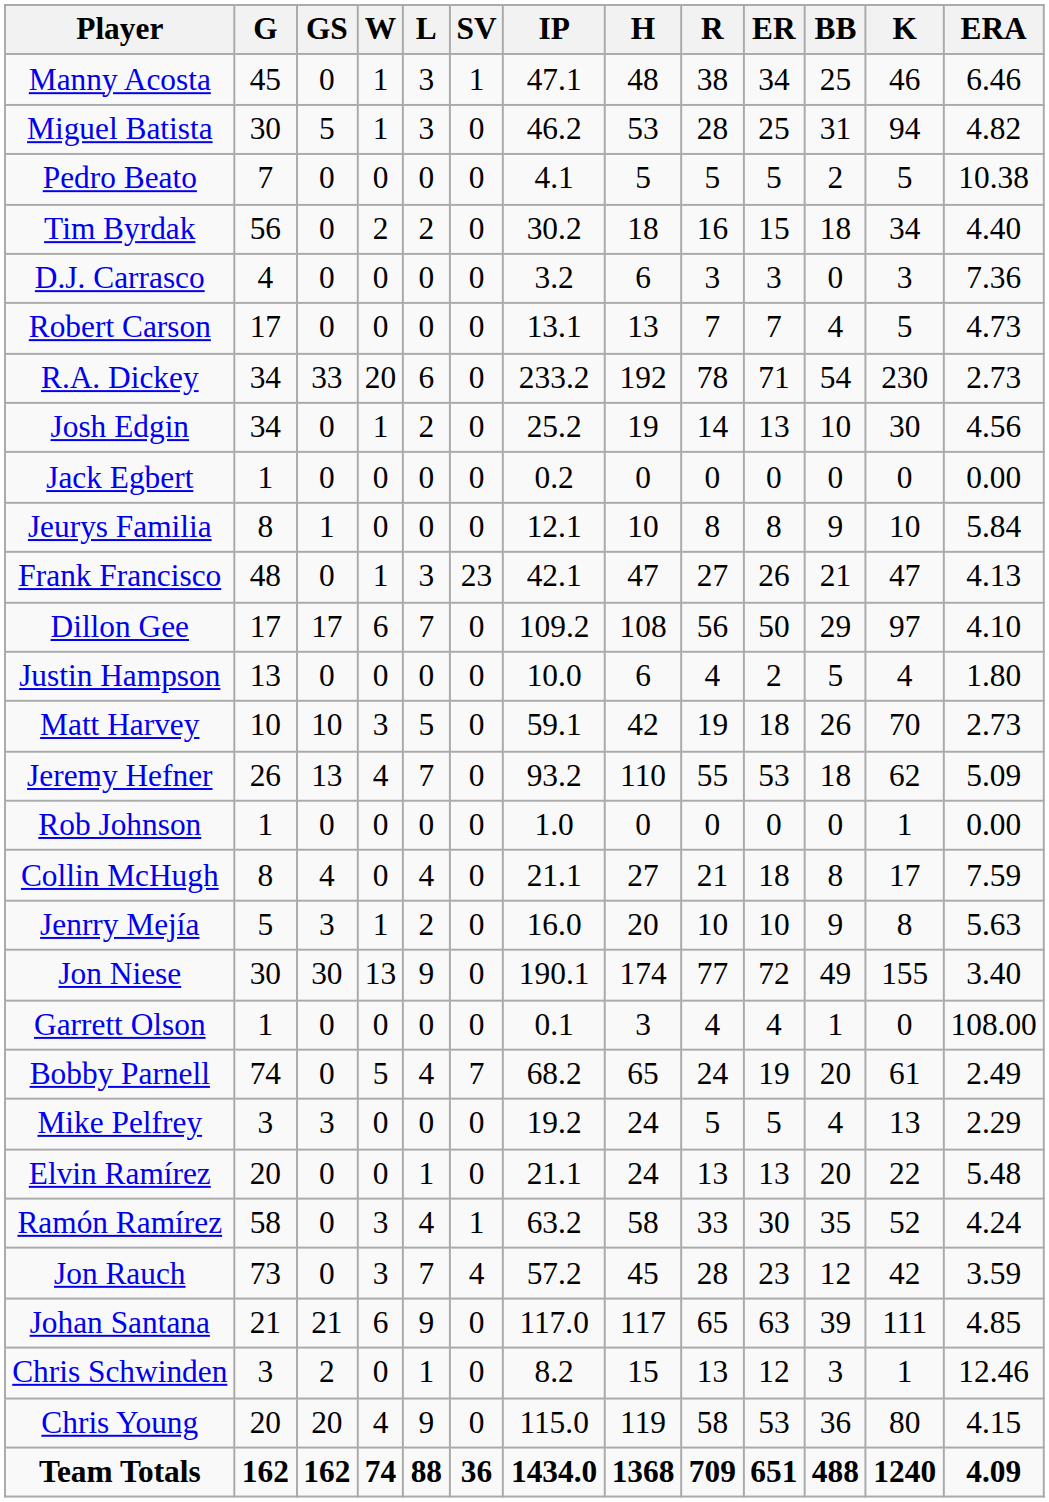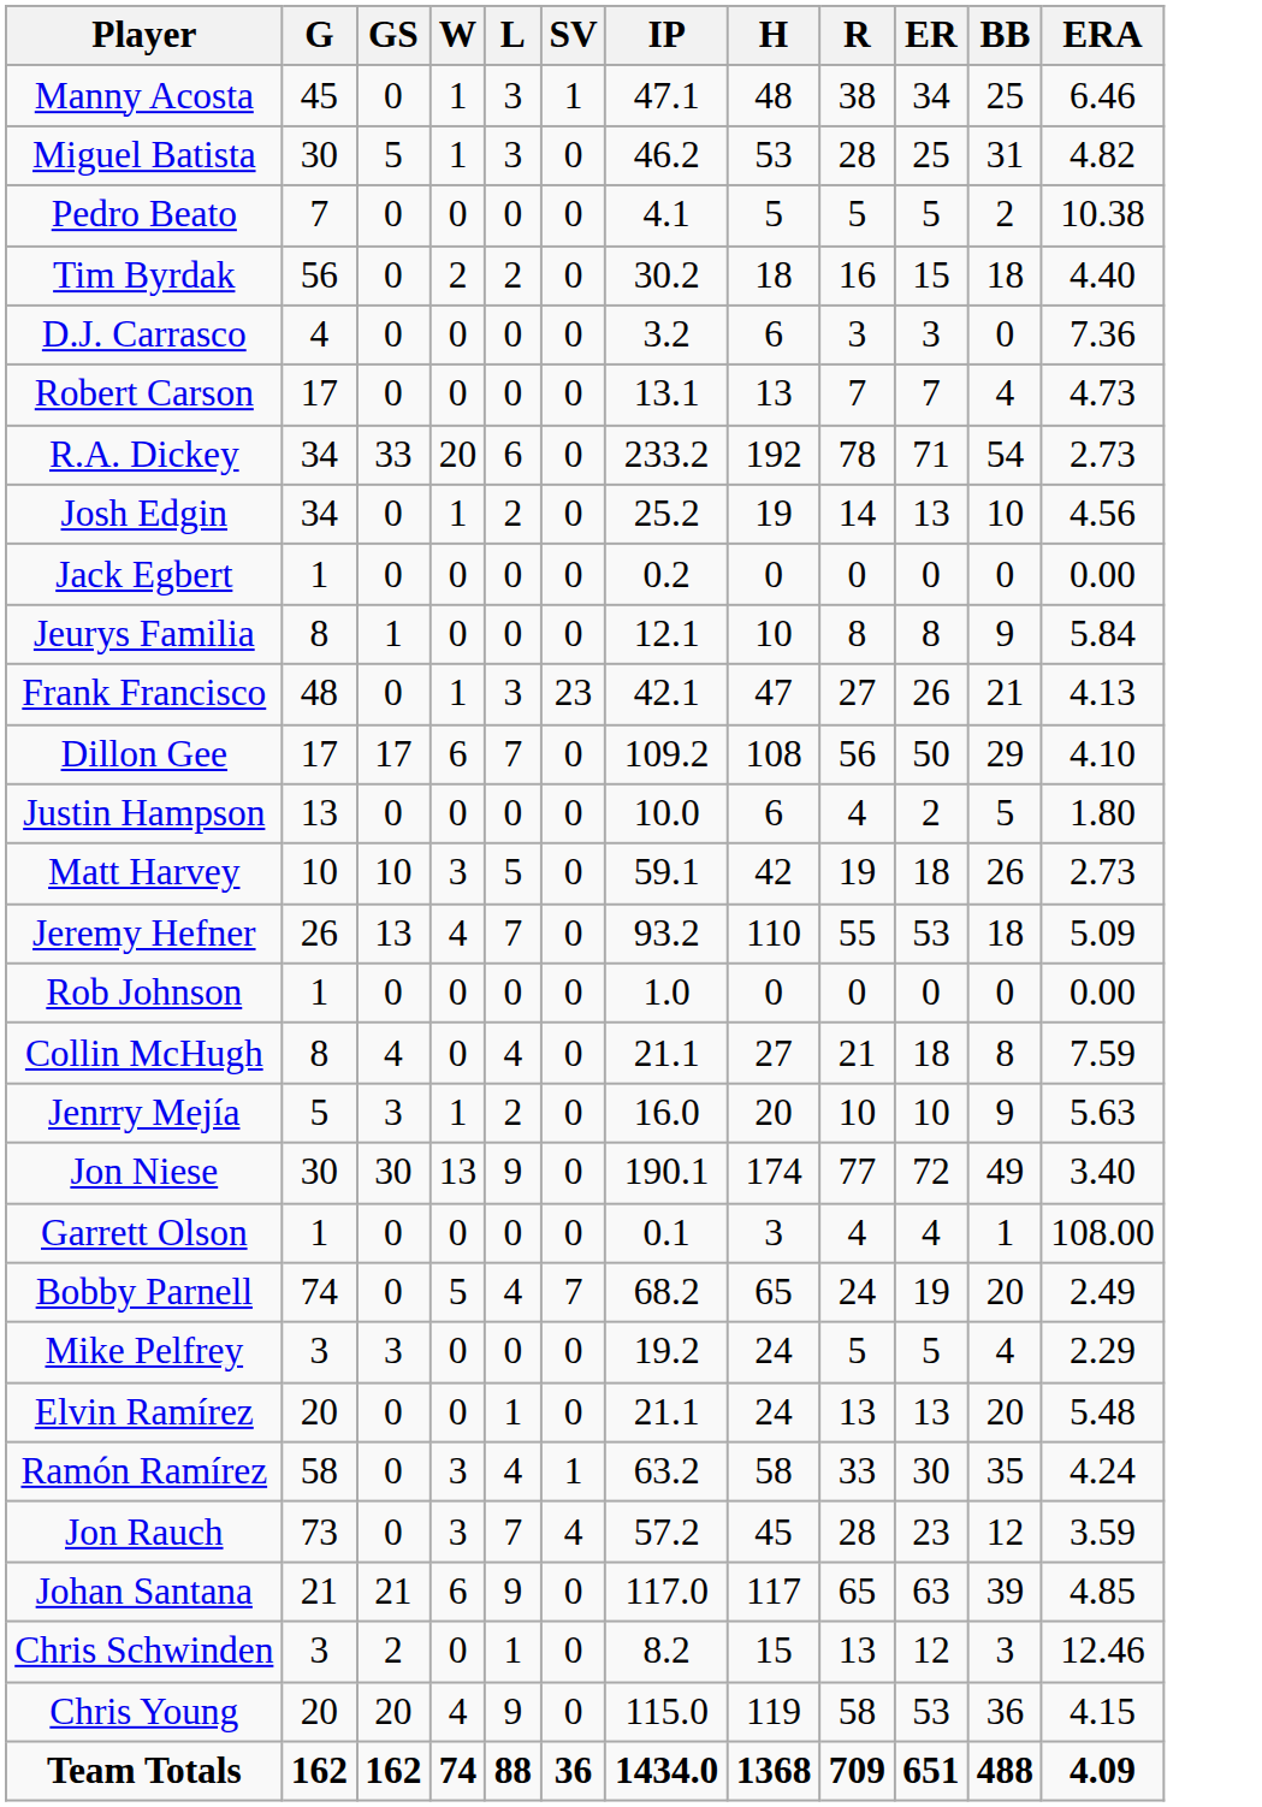 <table class="wikitable sortable">
 <tr>
 <th>Player</th>
 <th>G</th>
 <th>GS</th>
 <th>W</th>
 <th>L</th>
 <th>SV</th>
 <th>IP</th>
 <th>H</th>
 <th>R</th>
 <th>ER</th>
 <th>BB</th>
-<th>K</th>
 <th>ERA</th>
 </tr>
 <tr align=center>
 <td><a href='#'>Manny Acosta</a></td>
 <td>45</td>
 <td>0</td>
 <td>1</td>
 <td>3</td>
 <td>1</td>
 <td>47.1</td>
 <td>48</td>
 <td>38</td>
 <td>34</td>
 <td>25</td>
-<td>46</td>
 <td>6.46</td>
 </tr>
 <tr align=center>
 <td><a href='#'>Miguel Batista</a></td>
 <td>30</td>
 <td>5</td>
 <td>1</td>
 <td>3</td>
 <td>0</td>
 <td>46.2</td>
 <td>53</td>
 <td>28</td>
 <td>25</td>
 <td>31</td>
-<td>94</td>
 <td>4.82</td>
 </tr>
 <tr align=center>
 <td><a href='#'>Pedro Beato</a></td>
 <td>7</td>
 <td>0</td>
 <td>0</td>
 <td>0</td>
 <td>0</td>
 <td>4.1</td>
 <td>5</td>
 <td>5</td>
 <td>5</td>
 <td>2</td>
-<td>5</td>
 <td>10.38</td>
 </tr>
 <tr align=center>
 <td><a href='#'>Tim Byrdak</a></td>
 <td>56</td>
 <td>0</td>
 <td>2</td>
 <td>2</td>
 <td>0</td>
 <td>30.2</td>
 <td>18</td>
 <td>16</td>
 <td>15</td>
 <td>18</td>
-<td>34</td>
 <td>4.40</td>
 </tr>
 <tr align=center>
 <td><a href='#'>D.J. Carrasco</a></td>
 <td>4</td>
 <td>0</td>
 <td>0</td>
 <td>0</td>
 <td>0</td>
 <td>3.2</td>
 <td>6</td>
 <td>3</td>
 <td>3</td>
 <td>0</td>
-<td>3</td>
 <td>7.36</td>
 </tr>
 <tr align=center>
 <td><a href='#'>Robert Carson</a></td>
 <td>17</td>
 <td>0</td>
 <td>0</td>
 <td>0</td>
 <td>0</td>
 <td>13.1</td>
 <td>13</td>
 <td>7</td>
 <td>7</td>
 <td>4</td>
-<td>5</td>
 <td>4.73</td>
 </tr>
 <tr align=center>
 <td><a href='#'>R.A. Dickey</a></td>
 <td>34</td>
 <td>33</td>
 <td>20</td>
 <td>6</td>
 <td>0</td>
 <td>233.2</td>
 <td>192</td>
 <td>78</td>
 <td>71</td>
 <td>54</td>
-<td>230</td>
 <td>2.73</td>
 </tr>
 <tr align=center>
 <td><a href='#'>Josh Edgin</a></td>
 <td>34</td>
 <td>0</td>
 <td>1</td>
 <td>2</td>
 <td>0</td>
 <td>25.2</td>
 <td>19</td>
 <td>14</td>
 <td>13</td>
 <td>10</td>
-<td>30</td>
 <td>4.56</td>
 </tr>
 <tr align=center>
 <td><a href='#'>Jack Egbert</a></td>
 <td>1</td>
 <td>0</td>
 <td>0</td>
 <td>0</td>
 <td>0</td>
 <td>0.2</td>
-<td>0</td>
 <td>0</td>
 <td>0</td>
 <td>0</td>
 <td>0</td>
 <td>0.00</td>
 </tr>
 <tr align=center>
 <td><a href='#'>Jeurys Familia</a></td>
 <td>8</td>
 <td>1</td>
 <td>0</td>
 <td>0</td>
 <td>0</td>
 <td>12.1</td>
 <td>10</td>
 <td>8</td>
 <td>8</td>
 <td>9</td>
-<td>10</td>
 <td>5.84</td>
 </tr>
 <tr align=center>
 <td><a href='#'>Frank Francisco</a></td>
 <td>48</td>
 <td>0</td>
 <td>1</td>
 <td>3</td>
 <td>23</td>
 <td>42.1</td>
 <td>47</td>
 <td>27</td>
 <td>26</td>
 <td>21</td>
-<td>47</td>
 <td>4.13</td>
 </tr>
 <tr align=center>
 <td><a href='#'>Dillon Gee</a></td>
 <td>17</td>
 <td>17</td>
 <td>6</td>
 <td>7</td>
 <td>0</td>
 <td>109.2</td>
 <td>108</td>
 <td>56</td>
 <td>50</td>
 <td>29</td>
-<td>97</td>
 <td>4.10</td>
 </tr>
 <tr align=center>
 <td><a href='#'>Justin Hampson</a></td>
 <td>13</td>
 <td>0</td>
 <td>0</td>
 <td>0</td>
 <td>0</td>
 <td>10.0</td>
 <td>6</td>
 <td>4</td>
 <td>2</td>
 <td>5</td>
-<td>4</td>
 <td>1.80</td>
 </tr>
 <tr align=center>
 <td><a href='#'>Matt Harvey</a></td>
 <td>10</td>
 <td>10</td>
 <td>3</td>
 <td>5</td>
 <td>0</td>
 <td>59.1</td>
 <td>42</td>
 <td>19</td>
 <td>18</td>
 <td>26</td>
-<td>70</td>
 <td>2.73</td>
 </tr>
 <tr align=center>
 <td><a href='#'>Jeremy Hefner</a></td>
 <td>26</td>
 <td>13</td>
 <td>4</td>
 <td>7</td>
 <td>0</td>
 <td>93.2</td>
 <td>110</td>
 <td>55</td>
 <td>53</td>
 <td>18</td>
-<td>62</td>
 <td>5.09</td>
 </tr>
 <tr align=center>
 <td><a href='#'>Rob Johnson</a></td>
 <td>1</td>
 <td>0</td>
 <td>0</td>
 <td>0</td>
 <td>0</td>
 <td>1.0</td>
 <td>0</td>
 <td>0</td>
 <td>0</td>
 <td>0</td>
-<td>1</td>
 <td>0.00</td>
 </tr>
 <tr align=center>
 <td><a href='#'>Collin McHugh</a></td>
 <td>8</td>
 <td>4</td>
 <td>0</td>
 <td>4</td>
 <td>0</td>
 <td>21.1</td>
 <td>27</td>
 <td>21</td>
 <td>18</td>
 <td>8</td>
-<td>17</td>
 <td>7.59</td>
 </tr>
 <tr align=center>
 <td><a href='#'>Jenrry Mejía</a></td>
 <td>5</td>
 <td>3</td>
 <td>1</td>
 <td>2</td>
 <td>0</td>
 <td>16.0</td>
 <td>20</td>
 <td>10</td>
 <td>10</td>
 <td>9</td>
-<td>8</td>
 <td>5.63</td>
 </tr>
 <tr align=center>
 <td><a href='#'>Jon Niese</a></td>
 <td>30</td>
 <td>30</td>
 <td>13</td>
 <td>9</td>
 <td>0</td>
 <td>190.1</td>
 <td>174</td>
 <td>77</td>
 <td>72</td>
 <td>49</td>
-<td>155</td>
 <td>3.40</td>
 </tr>
 <tr align=center>
 <td><a href='#'>Garrett Olson</a></td>
 <td>1</td>
 <td>0</td>
 <td>0</td>
 <td>0</td>
 <td>0</td>
 <td>0.1</td>
 <td>3</td>
 <td>4</td>
 <td>4</td>
 <td>1</td>
-<td>0</td>
 <td>108.00</td>
 </tr>
 <tr align=center>
 <td><a href='#'>Bobby Parnell</a></td>
 <td>74</td>
 <td>0</td>
 <td>5</td>
 <td>4</td>
 <td>7</td>
 <td>68.2</td>
 <td>65</td>
 <td>24</td>
 <td>19</td>
 <td>20</td>
-<td>61</td>
 <td>2.49</td>
 </tr>
 <tr align=center>
 <td><a href='#'>Mike Pelfrey</a></td>
 <td>3</td>
 <td>3</td>
 <td>0</td>
 <td>0</td>
 <td>0</td>
 <td>19.2</td>
 <td>24</td>
 <td>5</td>
 <td>5</td>
 <td>4</td>
-<td>13</td>
 <td>2.29</td>
 </tr>
 <tr align=center>
 <td><a href='#'>Elvin Ramírez</a></td>
 <td>20</td>
 <td>0</td>
 <td>0</td>
 <td>1</td>
 <td>0</td>
 <td>21.1</td>
 <td>24</td>
 <td>13</td>
 <td>13</td>
 <td>20</td>
-<td>22</td>
 <td>5.48</td>
 </tr>
 <tr align=center>
 <td><a href='#'>Ramón Ramírez</a></td>
 <td>58</td>
 <td>0</td>
 <td>3</td>
 <td>4</td>
 <td>1</td>
 <td>63.2</td>
 <td>58</td>
 <td>33</td>
 <td>30</td>
 <td>35</td>
-<td>52</td>
 <td>4.24</td>
 </tr>
 <tr align=center>
 <td><a href='#'>Jon Rauch</a></td>
 <td>73</td>
 <td>0</td>
 <td>3</td>
 <td>7</td>
 <td>4</td>
 <td>57.2</td>
 <td>45</td>
 <td>28</td>
 <td>23</td>
 <td>12</td>
-<td>42</td>
 <td>3.59</td>
 </tr>
 <tr align=center>
 <td><a href='#'>Johan Santana</a></td>
 <td>21</td>
 <td>21</td>
 <td>6</td>
 <td>9</td>
 <td>0</td>
 <td>117.0</td>
 <td>117</td>
 <td>65</td>
 <td>63</td>
 <td>39</td>
-<td>111</td>
 <td>4.85</td>
 </tr>
 <tr align=center>
 <td><a href='#'>Chris Schwinden</a></td>
 <td>3</td>
 <td>2</td>
 <td>0</td>
 <td>1</td>
 <td>0</td>
 <td>8.2</td>
 <td>15</td>
 <td>13</td>
 <td>12</td>
 <td>3</td>
-<td>1</td>
 <td>12.46</td>
 </tr>
 <tr align=center>
 <td><a href='#'>Chris Young</a></td>
 <td>20</td>
 <td>20</td>
 <td>4</td>
 <td>9</td>
 <td>0</td>
 <td>115.0</td>
 <td>119</td>
 <td>58</td>
 <td>53</td>
 <td>36</td>
-<td>80</td>
 <td>4.15</td>
 </tr>
 <tr align=center>
 <td><strong>Team Totals</strong></td>
 <td><strong>162</strong></td>
 <td><strong>162</strong></td>
 <td><strong>74</strong></td>
 <td><strong>88</strong></td>
 <td><strong>36</strong></td>
 <td><strong>1434.0</strong></td>
 <td><strong>1368</strong></td>
 <td><strong>709</strong></td>
 <td><strong>651</strong></td>
 <td><strong>488</strong></td>
-<td><strong>1240</strong></td>
 <td><strong>4.09</strong></td>
 </tr>
 </table>
